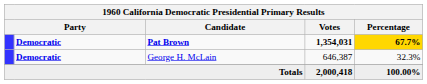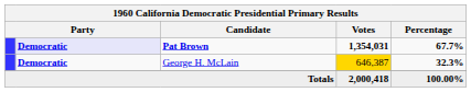 <table class="wikitable" style="font-size: 95%;">
 <tr>
 <th colspan="7">1960 California Democratic Presidential Primary Results</th>
 </tr>
 <tr>
 <th colspan="2" style="width: 15em">Party</th>
 <th style="width: 17em">Candidate</th>
 <th style="width: 5em">Votes</th>
 <th style="width: 7em">Percentage</th>
 </tr>
 <tr>
 <th style="background-color:#3333FF; width: 3px"></th>
-<td style="width: 130px"><strong><a href='#'>Democratic</a></strong></td>
+<td style="background: lavender; width: 130px"><strong><a href='#'>Democratic</a></strong></td>
 <td><strong><a href='#'>Pat Brown</a></strong></td>
 <td align="right"><strong>1,354,031</strong></td>
-<td align="right" style="background: gold;"><strong>67.7%</strong></td>
+<td align="right"><strong>67.7%</strong></td>
 </tr>
 <tr>
 <th style="background-color:#3333FF; width: 3px"></th>
 <td style="width: 130px"><strong><a href='#'>Democratic</a></strong></td>
 <td><a href='#'>George H. McLain</a></td>
-<td align="right">646,387</td>
-<td align="right">32.3%</td>
+<td align="right" style="background: gold;">646,387</td>
+<td align="right"><strong>32.3%</strong></td>
 </tr>
 <tr>
 </tr>
 <tr bgcolor="#EEEEEE">
 <td colspan="3" align="right"><strong>Totals</strong></td>
 <td align="right"><strong>2,000,418</strong></td>
 <td align="right"><strong>100.00%</strong></td>
 </tr>
 </table>
